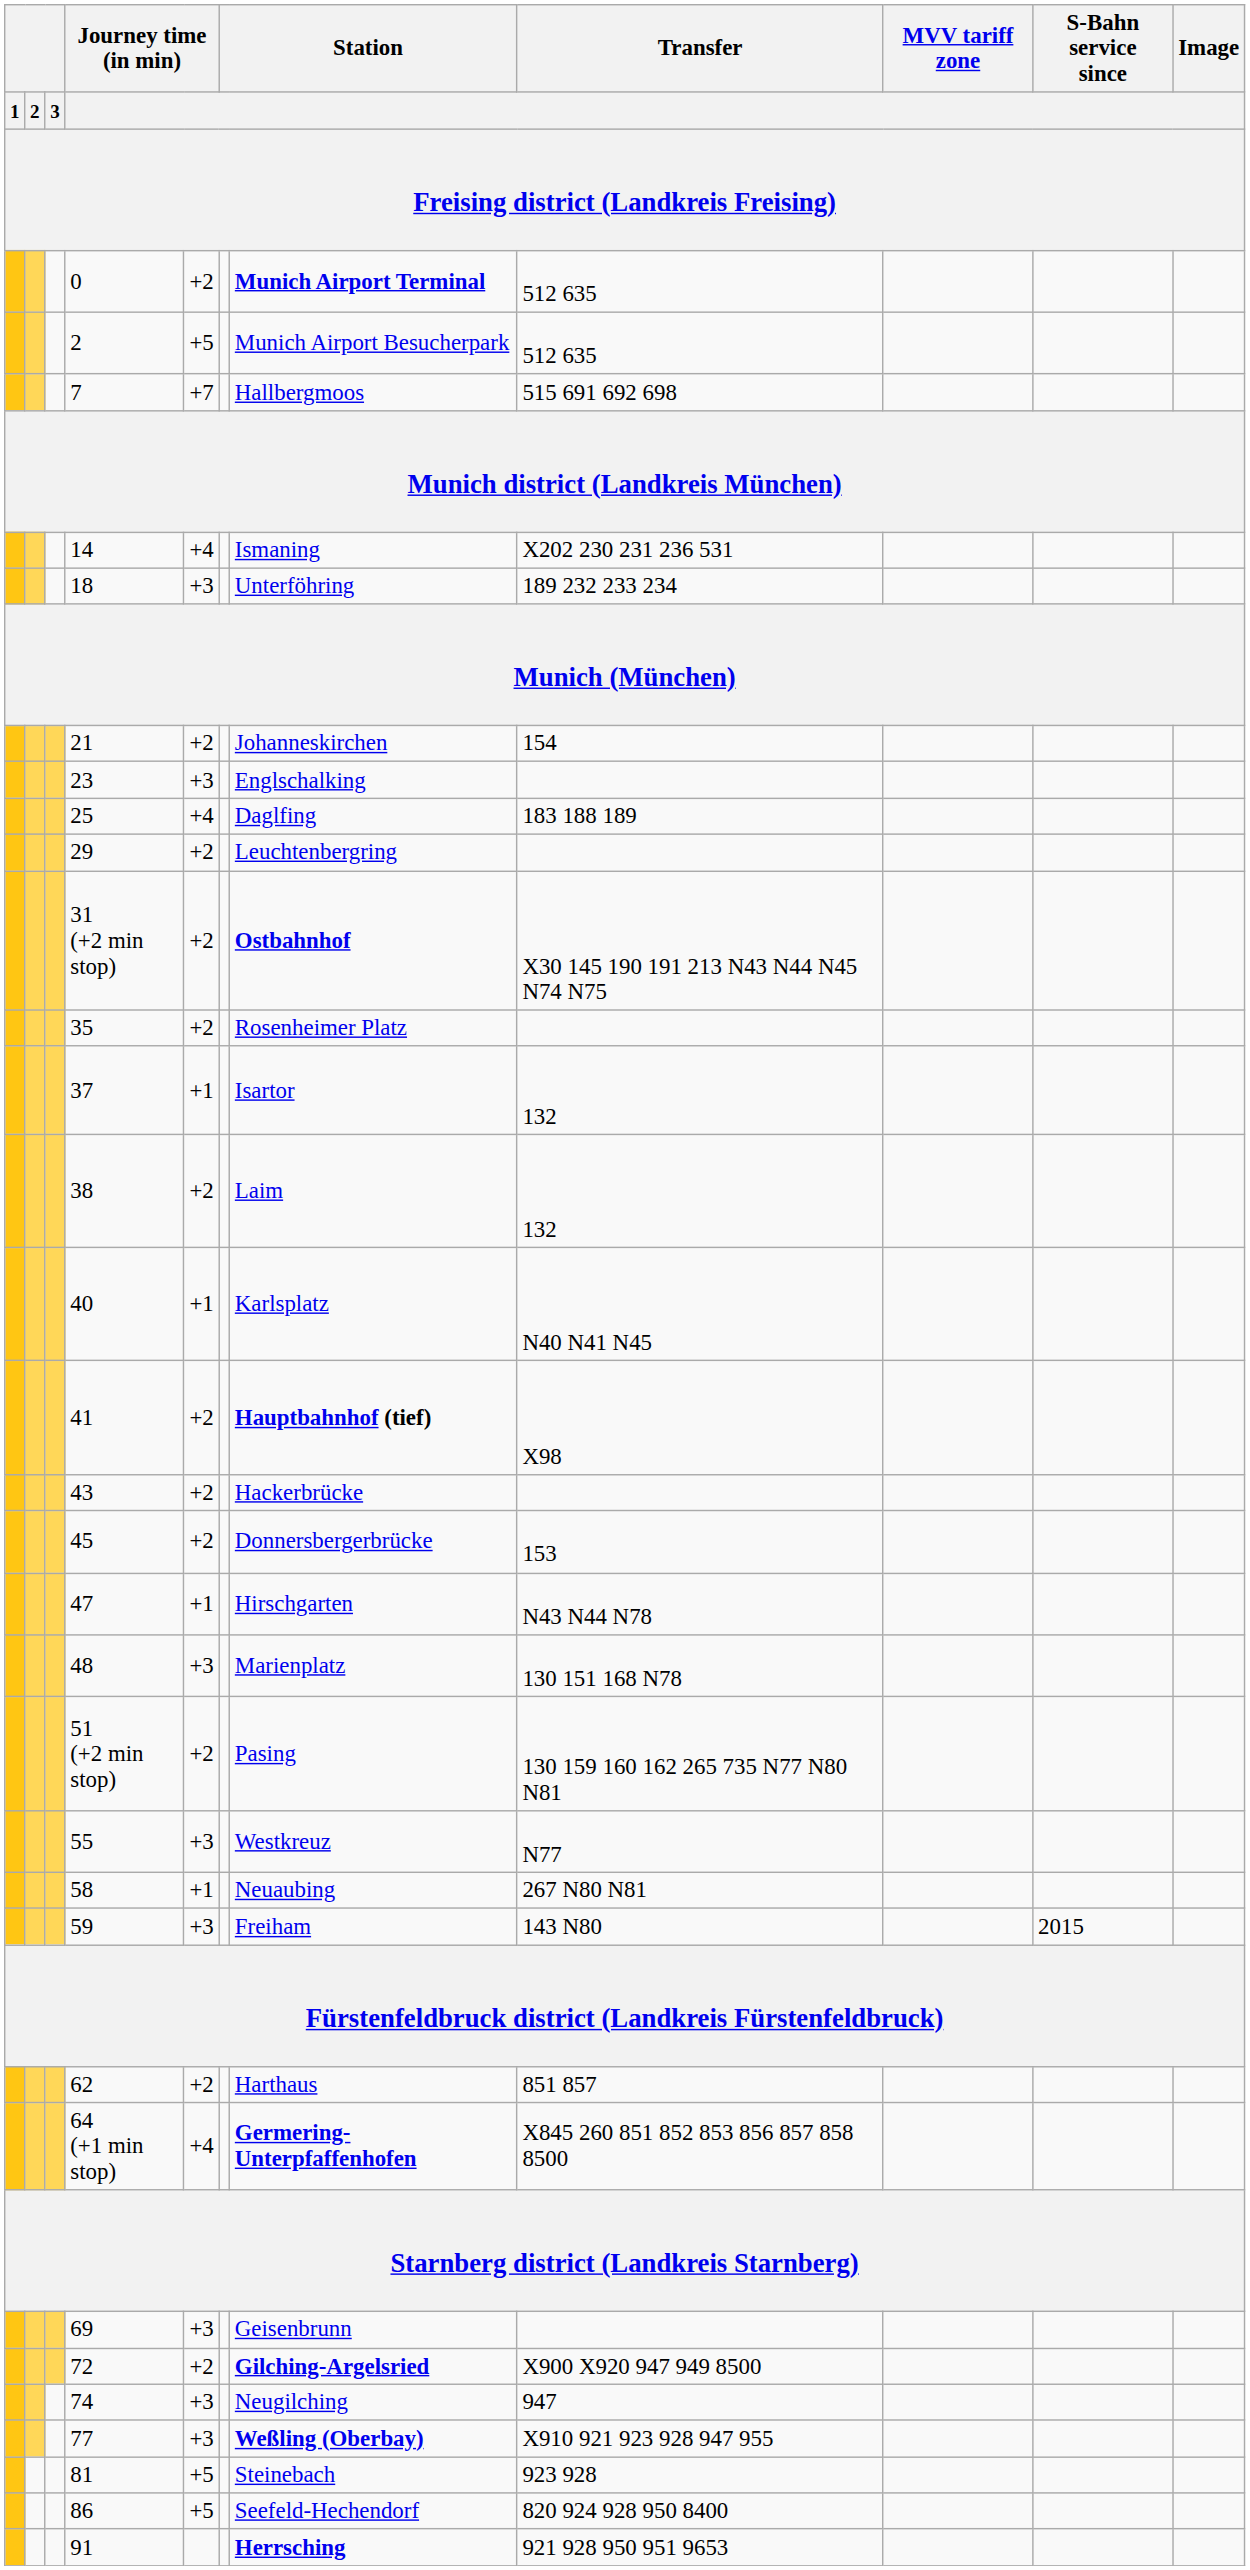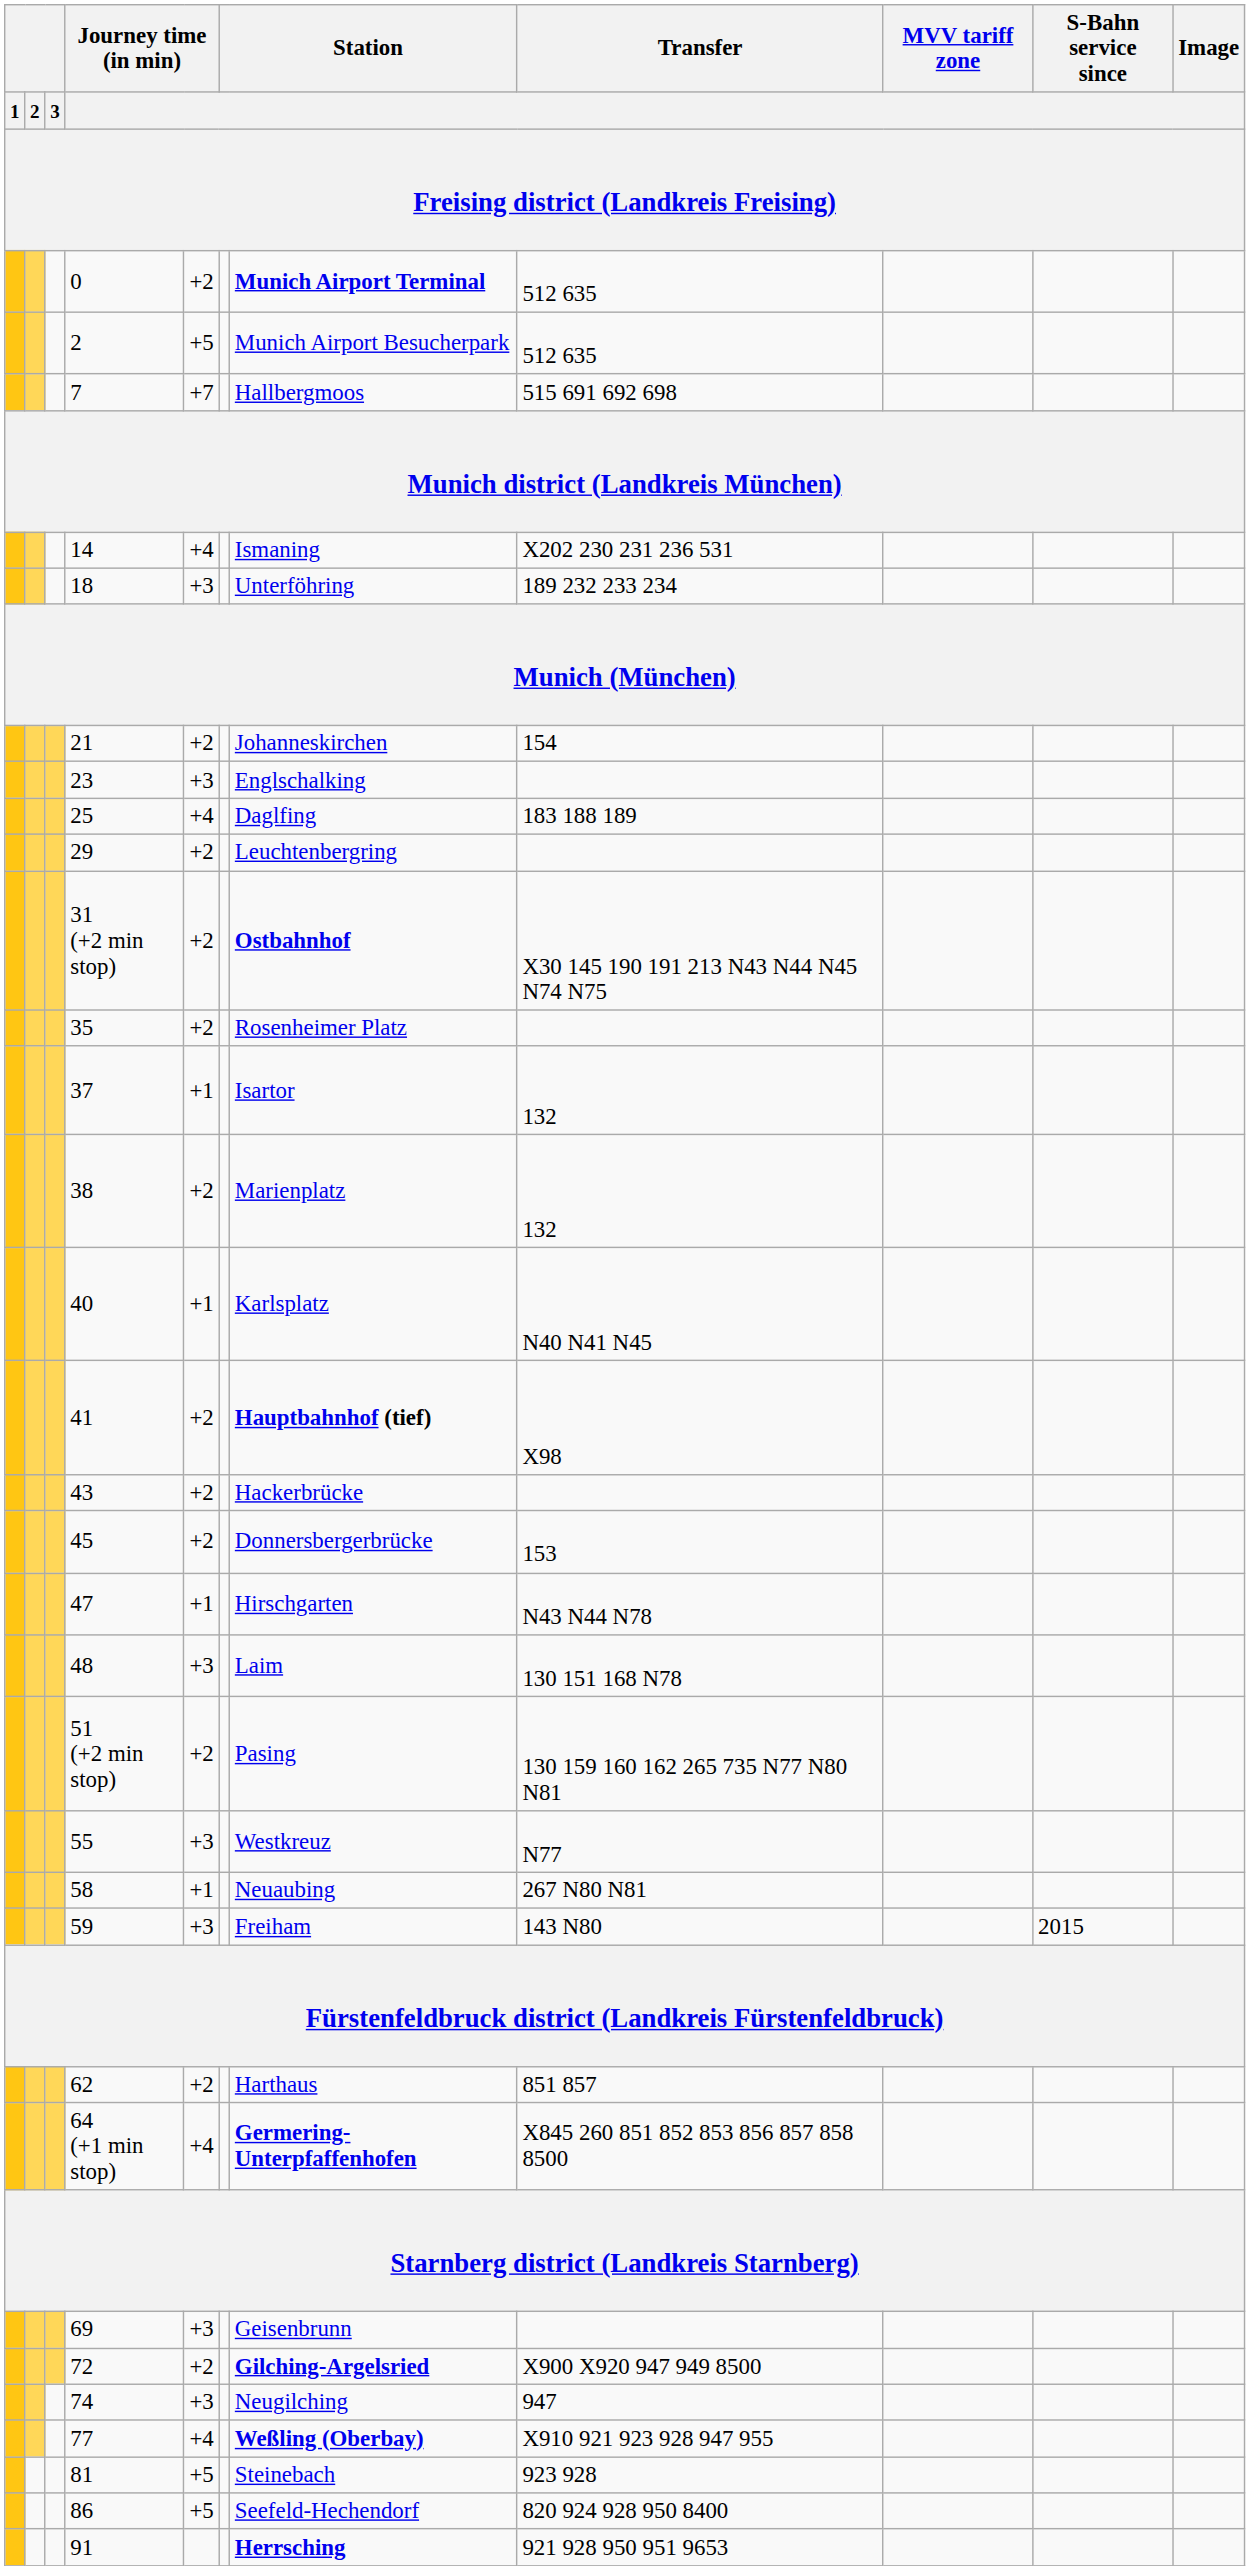 <table class="wikitable" summary="Stations of the S8 service">
 <tr>
 <th colspan="3" align="center" scope="col"></th>
 <th colspan="2">Journey time<br>(in min)</th>
 <th colspan="2" scope="col">Station</th>
 <th scope="col">Transfer</th>
 <th scope="col"><a href='#'>MVV tariff zone</a></th>
 <th scope="col">S-Bahn service<br>since</th>
 <th scope="col">Image</th>
 </tr>
 <tr>
 <th><small>1</small></th>
 <th><small>2</small></th>
 <th><small>3</small></th>
 <th colspan="8"></th>
 </tr>
 <tr>
 <th colspan="15" align="center" class="hintergrundfarbe5"><br><h3><a href='#'>Freising district (Landkreis Freising)</a></h3></th>
 </tr>
 <tr>
 <td style="background-color:#FFC613"></td>
 <td style="background-color:#FFD758"></td>
 <td></td>
 <td>0</td>
 <td>+2</td>
 <td></td>
 <td><strong><a href='#'>Munich Airport Terminal</a></strong></td>
 <td><br> 512 635</td>
 <td></td>
 <td></td>
 <td></td>
 </tr>
 <tr>
 <td style="background-color:#FFC613"></td>
 <td style="background-color:#FFD758"></td>
 <td></td>
 <td>2</td>
 <td>+5</td>
 <td></td>
 <td><a href='#'>Munich Airport Besucherpark</a></td>
 <td><br> 512 635</td>
 <td></td>
 <td></td>
 <td></td>
 </tr>
 <tr>
 <td style="background-color:#FFC613"></td>
 <td style="background-color:#FFD758"></td>
 <td></td>
 <td>7</td>
 <td>+7</td>
 <td></td>
 <td><a href='#'>Hallbergmoos</a></td>
 <td> 515 691 692 698</td>
 <td></td>
 <td></td>
 <td></td>
 </tr>
 <tr>
 <th colspan="15" align="center" class="hintergrundfarbe5"><br><h3><a href='#'>Munich district (Landkreis München)</a></h3></th>
 </tr>
 <tr>
 <td style="background-color:#FFC613"></td>
 <td style="background-color:#FFD758"></td>
 <td></td>
 <td>14</td>
 <td>+4</td>
 <td></td>
 <td><a href='#'>Ismaning</a></td>
 <td> X202 230 231 236 531</td>
 <td></td>
 <td></td>
 <td></td>
 </tr>
 <tr>
 <td style="background-color:#FFC613"></td>
 <td style="background-color:#FFD758"></td>
 <td></td>
 <td>18</td>
 <td>+3</td>
 <td></td>
 <td><a href='#'>Unterföhring</a></td>
 <td> 189 232 233 234</td>
 <td></td>
 <td></td>
 <td></td>
 </tr>
 <tr>
 <th colspan="15" align="center" class="hintergrundfarbe5"><br><h3><a href='#'>Munich (München)</a></h3></th>
 </tr>
 <tr>
 <td style="background-color:#FFC613"></td>
 <td style="background-color:#FFD758"></td>
 <td style="background-color:#FFD758"></td>
 <td>21</td>
 <td>+2</td>
 <td></td>
 <td><a href='#'>Johanneskirchen</a></td>
 <td>  154</td>
 <td></td>
 <td></td>
 <td></td>
 </tr>
 <tr>
 <td style="background-color:#FFC613"></td>
 <td style="background-color:#FFD758"></td>
 <td style="background-color:#FFD758"></td>
 <td>23</td>
 <td>+3</td>
 <td></td>
 <td><a href='#'>Englschalking</a></td>
 <td></td>
 <td></td>
 <td></td>
 <td></td>
 </tr>
 <tr>
 <td style="background-color:#FFC613"></td>
 <td style="background-color:#FFD758"></td>
 <td style="background-color:#FFD758"></td>
 <td>25</td>
 <td>+4</td>
 <td></td>
 <td><a href='#'>Daglfing</a></td>
 <td> 183 188 189</td>
 <td></td>
 <td></td>
 <td></td>
 </tr>
 <tr>
 <td style="background-color:#FFC613"></td>
 <td style="background-color:#FFD758"></td>
 <td style="background-color:#FFD758"></td>
 <td>29</td>
 <td>+2</td>
 <td></td>
 <td><a href='#'>Leuchtenbergring</a></td>
 <td>   </td>
 <td></td>
 <td></td>
 <td></td>
 </tr>
 <tr>
 <td style="background-color:#FFC613"></td>
 <td style="background-color:#FFD758"></td>
 <td style="background-color:#FFD758"></td>
 <td>31<br>(+2 min stop)</td>
 <td>+2</td>
 <td></td>
 <td><strong><a href='#'>Ostbahnhof</a></strong></td>
 <td>     <br><br>   <br> X30       145 190 191 213 N43 N44 N45 N74 N75</td>
 <td></td>
 <td></td>
 <td></td>
 </tr>
 <tr>
 <td style="background-color:#FFC613"></td>
 <td style="background-color:#FFD758"></td>
 <td style="background-color:#FFD758"></td>
 <td>35</td>
 <td>+2</td>
 <td></td>
 <td><a href='#'>Rosenheimer Platz</a></td>
 <td>     <br>  </td>
 <td></td>
 <td></td>
 <td></td>
 </tr>
 <tr>
 <td style="background-color:#FFC613"></td>
 <td style="background-color:#FFD758"></td>
 <td style="background-color:#FFD758"></td>
 <td>37</td>
 <td>+1</td>
 <td></td>
 <td><a href='#'>Isartor</a></td>
 <td>     <br>   <br> 132</td>
 <td></td>
 <td></td>
 <td></td>
 </tr>
 <tr>
 <td style="background-color:#FFC613"></td>
 <td style="background-color:#FFD758"></td>
 <td style="background-color:#FFD758"></td>
 <td>38</td>
 <td>+2</td>
 <td></td>
-<td><a href='#'>Laim</a></td>
+<td><a href='#'>Marienplatz</a></td>
 <td>     <br> <br>    <br> 132</td>
 <td></td>
 <td></td>
 <td></td>
 </tr>
 <tr>
 <td style="background-color:#FFC613"></td>
 <td style="background-color:#FFD758"></td>
 <td style="background-color:#FFD758"></td>
 <td>40</td>
 <td>+1</td>
 <td></td>
 <td><a href='#'>Karlsplatz</a></td>
 <td>     <br> <br>          <br> N40 N41 N45</td>
 <td></td>
 <td></td>
 <td></td>
 </tr>
 <tr>
 <td style="background-color:#FFC613"></td>
 <td style="background-color:#FFD758"></td>
 <td style="background-color:#FFD758"></td>
 <td>41</td>
 <td>+2</td>
 <td></td>
 <td><strong><a href='#'>Hauptbahnhof</a> (tief)</strong></td>
 <td>     <br>     <br>        <br> X98   </td>
 <td></td>
 <td></td>
 <td></td>
 </tr>
 <tr>
 <td style="background-color:#FFC613"></td>
 <td style="background-color:#FFD758"></td>
 <td style="background-color:#FFD758"></td>
 <td>43</td>
 <td>+2</td>
 <td></td>
 <td><a href='#'>Hackerbrücke</a></td>
 <td>     <br>   </td>
 <td></td>
 <td></td>
 <td></td>
 </tr>
 <tr>
 <td style="background-color:#FFC613"></td>
 <td style="background-color:#FFD758"></td>
 <td style="background-color:#FFD758"></td>
 <td>45</td>
 <td>+2</td>
 <td></td>
 <td><a href='#'>Donnersbergerbrücke</a></td>
 <td>     <br>   153</td>
 <td></td>
 <td></td>
 <td></td>
 </tr>
 <tr>
 <td style="background-color:#FFC613"></td>
 <td style="background-color:#FFD758"></td>
 <td style="background-color:#FFD758"></td>
 <td>47</td>
 <td>+1</td>
 <td></td>
 <td><a href='#'>Hirschgarten</a></td>
 <td>    <br>   N43 N44 N78</td>
 <td></td>
 <td></td>
 <td></td>
 </tr>
 <tr>
 <td style="background-color:#FFC613"></td>
 <td style="background-color:#FFD758"></td>
 <td style="background-color:#FFD758"></td>
 <td>48</td>
 <td>+3</td>
 <td></td>
-<td><a href='#'>Marienplatz</a></td>
+<td><a href='#'>Laim</a></td>
 <td>    <br>  130 151 168 N78</td>
 <td></td>
 <td></td>
 <td></td>
 </tr>
 <tr>
 <td style="background-color:#FFC613"></td>
 <td style="background-color:#FFD758"></td>
 <td style="background-color:#FFD758"></td>
 <td>51<br>(+2 min stop)</td>
 <td>+2</td>
 <td></td>
 <td><a href='#'>Pasing</a></td>
 <td>   <br> <br>   130 159 160 162 265 735 N77 N80 N81</td>
 <td></td>
 <td></td>
 <td></td>
 </tr>
 <tr>
 <td style="background-color:#FFC613"></td>
 <td style="background-color:#FFD758"></td>
 <td style="background-color:#FFD758"></td>
 <td>55</td>
 <td>+3</td>
 <td></td>
 <td><a href='#'>Westkreuz</a></td>
 <td><br>  N77</td>
 <td></td>
 <td></td>
 <td></td>
 </tr>
 <tr>
 <td style="background-color:#FFC613"></td>
 <td style="background-color:#FFD758"></td>
 <td style="background-color:#FFD758"></td>
 <td>58</td>
 <td>+1</td>
 <td></td>
 <td><a href='#'>Neuaubing</a></td>
 <td> 267 N80 N81</td>
 <td></td>
 <td></td>
 <td></td>
 </tr>
 <tr>
 <td style="background-color:#FFC613"></td>
 <td style="background-color:#FFD758"></td>
 <td style="background-color:#FFD758"></td>
 <td>59</td>
 <td>+3</td>
 <td></td>
 <td><a href='#'>Freiham</a></td>
 <td>  143 N80</td>
 <td></td>
 <td>2015</td>
 <td></td>
 </tr>
 <tr>
 <th colspan="15" align="center" class="hintergrundfarbe5"><br><h3><a href='#'>Fürstenfeldbruck district (Landkreis Fürstenfeldbruck)</a></h3></th>
 </tr>
 <tr>
 <td style="background-color:#FFC613"></td>
 <td style="background-color:#FFD758"></td>
 <td style="background-color:#FFD758"></td>
 <td>62</td>
 <td>+2</td>
 <td></td>
 <td><a href='#'>Harthaus</a></td>
 <td> 851 857</td>
 <td></td>
 <td></td>
 <td></td>
 </tr>
 <tr>
 <td style="background-color:#FFC613"></td>
 <td style="background-color:#FFD758"></td>
 <td style="background-color:#FFD758"></td>
 <td>64<br>(+1 min stop)</td>
 <td>+4</td>
 <td></td>
 <td><strong><a href='#'>Germering-Unterpfaffenhofen</a></strong></td>
 <td> X845 260 851 852 853 856 857 858 8500</td>
 <td></td>
 <td></td>
 <td></td>
 </tr>
 <tr>
 <th colspan="15" align="center" class="hintergrundfarbe5"><br><h3><a href='#'>Starnberg district (Landkreis Starnberg)</a></h3></th>
 </tr>
 <tr>
 <td style="background-color:#FFC613"></td>
 <td style="background-color:#FFD758"></td>
 <td style="background-color:#FFD758"></td>
 <td>69</td>
 <td>+3</td>
 <td></td>
 <td><a href='#'>Geisenbrunn</a></td>
 <td></td>
 <td></td>
 <td></td>
 <td></td>
 </tr>
 <tr>
 <td style="background-color:#FFC613"></td>
 <td style="background-color:#FFD758"></td>
 <td style="background-color:#FFD758"></td>
 <td>72</td>
 <td>+2</td>
 <td></td>
 <td><strong><a href='#'>Gilching-Argelsried</a></strong></td>
 <td> X900 X920 947 949 8500</td>
 <td></td>
 <td></td>
 <td></td>
 </tr>
 <tr>
 <td style="background-color:#FFC613"></td>
 <td style="background-color:#FFD758"></td>
 <td></td>
 <td>74</td>
 <td>+3</td>
 <td></td>
 <td><a href='#'>Neugilching</a></td>
 <td> 947</td>
 <td></td>
 <td></td>
 <td></td>
 </tr>
 <tr>
 <td style="background-color:#FFC613"></td>
 <td style="background-color:#FFD758"></td>
 <td></td>
 <td>77</td>
-<td>+3</td>
+<td>+4</td>
 <td></td>
 <td><strong><a href='#'>Weßling (Oberbay)</a></strong></td>
 <td> X910 921 923 928 947 955</td>
 <td></td>
 <td></td>
 <td></td>
 </tr>
 <tr>
 <td style="background-color:#FFC613"></td>
 <td></td>
 <td></td>
 <td>81</td>
 <td>+5</td>
 <td></td>
 <td><a href='#'>Steinebach</a></td>
 <td> 923 928</td>
 <td></td>
 <td></td>
 <td></td>
 </tr>
 <tr>
 <td style="background-color:#FFC613"></td>
 <td></td>
 <td></td>
 <td>86</td>
 <td>+5</td>
 <td></td>
 <td><a href='#'>Seefeld-Hechendorf</a></td>
 <td> 820 924 928 950 8400</td>
 <td></td>
 <td></td>
 <td></td>
 </tr>
 <tr>
 <td style="background-color:#FFC613"></td>
 <td></td>
 <td></td>
 <td>91</td>
 <td></td>
 <td></td>
 <td><strong><a href='#'>Herrsching</a></strong></td>
 <td> 921 928 950 951 9653</td>
 <td></td>
 <td></td>
 <td></td>
 </tr>
 </table>
